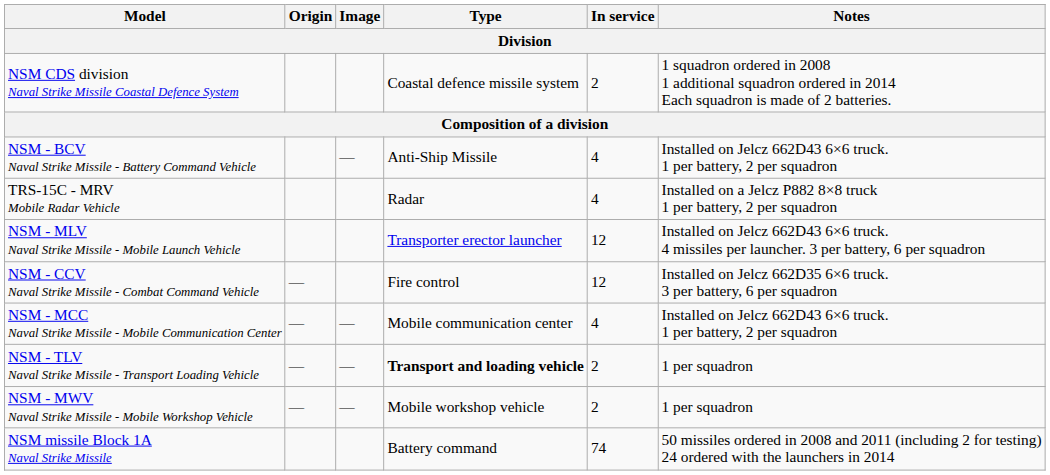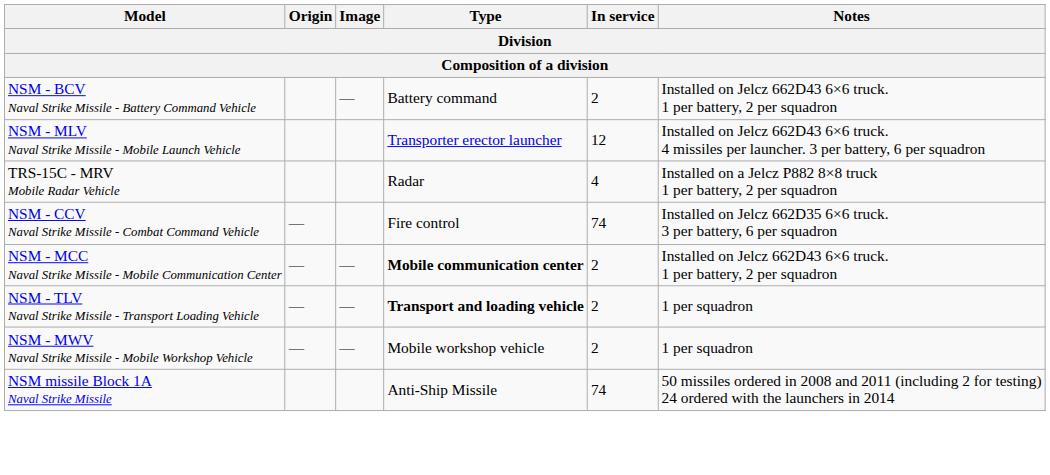 <table class="wikitable">
 <tr>
 <th>Model</th>
 <th>Origin</th>
 <th>Image</th>
 <th>Type</th>
 <th>In service</th>
 <th>Notes</th>
 </tr>
 <tr>
 <th colspan="6">Division</th>
 </tr>
 <tr>
-<td><a href='#'>NSM CDS</a> division<br><a href='#'><em><small>Naval Strike Missile Coastal Defence System</small></em></a></td>
-<td></td>
-<td></td>
-<td>Coastal defence missile system</td>
-<td>2</td>
-<td>1 squadron ordered in 2008 <br>1 additional squadron ordered in 2014 <br>Each squadron is made of 2 batteries.</td>
-</tr>
-<tr>
 <th colspan="6">Composition of a division</th>
 </tr>
 <tr>
 <td><a href='#'>NSM - BCV</a><br><em><small>Naval Strike Missile - Battery Command Vehicle</small></em></td>
 <td></td>
 <td>—</td>
-<td>Anti-Ship Missile</td>
-<td>4</td>
+<td>Battery command</td>
+<td>2</td>
 <td>Installed on Jelcz 662D43 6×6 truck.<br>1 per battery, 2 per squadron </td>
+</tr>
+<tr>
+<td><a href='#'>NSM - MLV</a><br><em><small>Naval Strike Missile - Mobile Launch  Vehicle</small></em></td>
+<td><br></td>
+<td></td>
+<td><a href='#'>Transporter erector launcher</a></td>
+<td>12</td>
+<td>Installed on Jelcz 662D43 6×6 truck.<br>4 missiles per launcher.  3 per battery, 6 per squadron </td>
 </tr>
 <tr>
 <td>TRS-15C - MRV<br><em><small>Mobile Radar Vehicle</small></em></td>
 <td></td>
 <td></td>
 <td>Radar</td>
 <td>4</td>
 <td>Installed on a Jelcz P882 8×8 truck<br>1 per battery, 2 per squadron </td>
 </tr>
 <tr>
-<td><a href='#'>NSM - MLV</a><br><em><small>Naval Strike Missile - Mobile Launch  Vehicle</small></em></td>
-<td><br></td>
-<td></td>
-<td><a href='#'>Transporter erector launcher</a></td>
-<td>12</td>
-<td>Installed on Jelcz 662D43 6×6 truck.<br>4 missiles per launcher.  3 per battery, 6 per squadron </td>
-</tr>
-<tr>
 <td><a href='#'>NSM - CCV</a><br><em><small>Naval Strike Missile - Combat Command Vehicle</small></em></td>
 <td>—</td>
 <td></td>
 <td>Fire control</td>
-<td>12</td>
+<td>74</td>
 <td>Installed on Jelcz 662D35 6×6 truck.<br>3 per battery, 6 per squadron </td>
 </tr>
 <tr>
 <td><a href='#'>NSM - MCC</a><br><em><small>Naval Strike Missile - Mobile Communication Center</small></em></td>
 <td>—</td>
 <td>—</td>
-<td>Mobile communication center</td>
-<td>4</td>
+<td><strong>Mobile communication center</strong></td>
+<td>2</td>
 <td>Installed on Jelcz 662D43 6×6 truck.<br>1 per battery, 2 per squadron </td>
 </tr>
 <tr>
 <td><a href='#'>NSM - TLV</a><br><em><small>Naval Strike Missile - Transport Loading Vehicle</small></em></td>
 <td>—</td>
 <td>—</td>
 <td><strong>Transport and loading vehicle</strong></td>
 <td>2</td>
 <td>1 per squadron </td>
 </tr>
 <tr>
 <td><a href='#'>NSM - MWV</a><br><em><small>Naval Strike Missile - Mobile Workshop Vehicle</small></em></td>
 <td>—</td>
 <td>—</td>
 <td>Mobile workshop vehicle</td>
 <td>2</td>
 <td>1 per squadron </td>
 </tr>
 <tr>
 <td><a href='#'>NSM missile Block 1A</a><br><a href='#'><em><small>Naval Strike Missile</small></em></a></td>
 <td></td>
 <td></td>
-<td>Battery command</td>
+<td>Anti-Ship Missile</td>
 <td>74</td>
 <td>50 missiles ordered in 2008 and 2011 (including 2 for testing) <br>24 ordered with the launchers in 2014 </td>
 </tr>
 </table>
